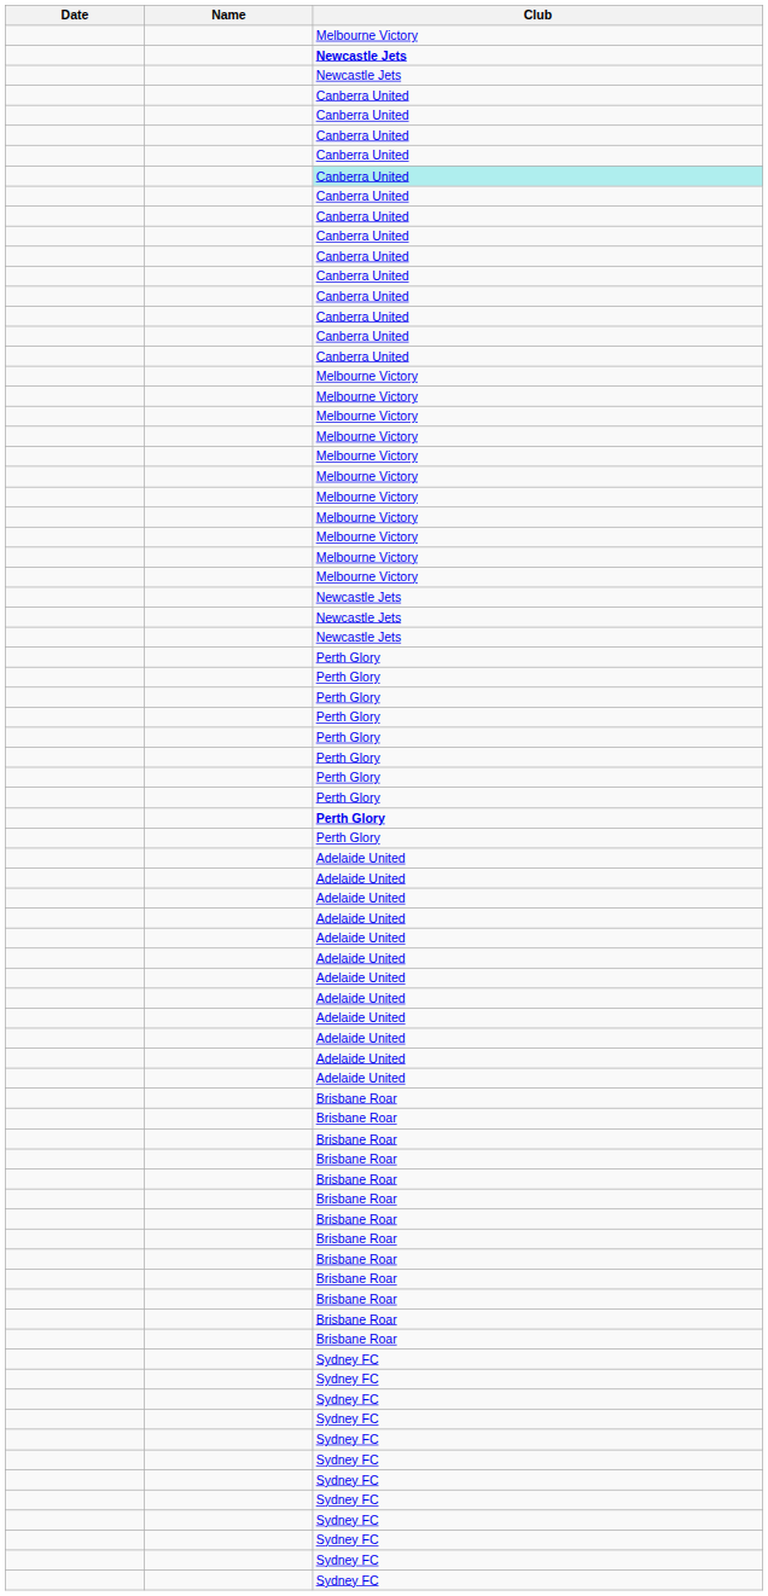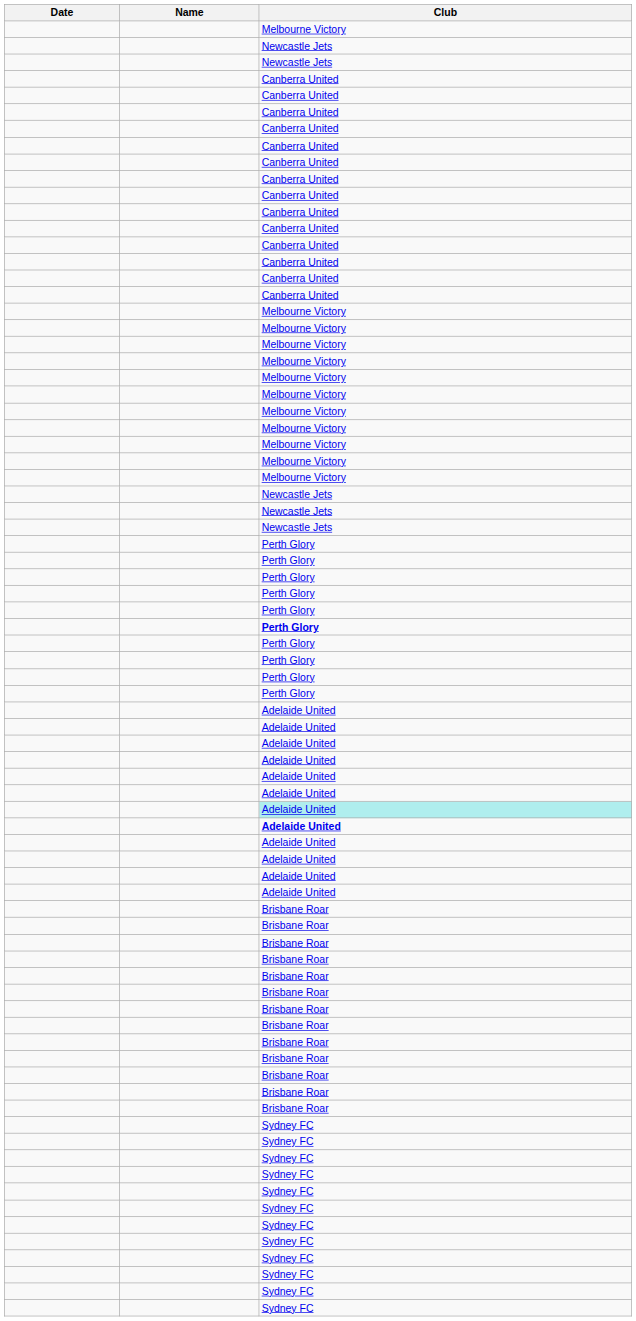 <table class="wikitable sortable" style="width:72%; font-size:95%; ">
 <tr>
 <th>Date</th>
 <th>Name</th>
 <th>Club</th>
 </tr>
 <tr>
 <td></td>
 <td></td>
 <td><a href='#'>Melbourne Victory</a></td>
 </tr>
 <tr>
 <td></td>
 <td></td>
-<td><strong><a href='#'>Newcastle Jets</a></strong></td>
+<td><a href='#'>Newcastle Jets</a></td>
 </tr>
 <tr>
 <td></td>
 <td></td>
 <td><a href='#'>Newcastle Jets</a></td>
 </tr>
 <tr>
 <td></td>
 <td></td>
 <td><a href='#'>Canberra United</a></td>
 </tr>
 <tr>
 <td></td>
 <td></td>
 <td><a href='#'>Canberra United</a></td>
 </tr>
 <tr>
 <td></td>
 <td></td>
 <td><a href='#'>Canberra United</a></td>
 </tr>
 <tr>
 <td></td>
 <td></td>
 <td><a href='#'>Canberra United</a></td>
 </tr>
 <tr>
 <td></td>
 <td></td>
-<td style="background: paleturquoise;"><a href='#'>Canberra United</a></td>
+<td><a href='#'>Canberra United</a></td>
 </tr>
 <tr>
 <td></td>
 <td></td>
 <td><a href='#'>Canberra United</a></td>
 </tr>
 <tr>
 <td></td>
 <td></td>
 <td><a href='#'>Canberra United</a></td>
 </tr>
 <tr>
 <td></td>
 <td></td>
 <td><a href='#'>Canberra United</a></td>
 </tr>
 <tr>
 <td></td>
 <td></td>
 <td><a href='#'>Canberra United</a></td>
 </tr>
 <tr>
 <td></td>
 <td></td>
 <td><a href='#'>Canberra United</a></td>
 </tr>
 <tr>
 <td></td>
 <td></td>
 <td><a href='#'>Canberra United</a></td>
 </tr>
 <tr>
 <td></td>
 <td></td>
 <td><a href='#'>Canberra United</a></td>
 </tr>
 <tr>
 <td></td>
 <td></td>
 <td><a href='#'>Canberra United</a></td>
 </tr>
 <tr>
 <td></td>
 <td></td>
 <td><a href='#'>Canberra United</a></td>
 </tr>
 <tr>
 <td></td>
 <td></td>
 <td><a href='#'>Melbourne Victory</a></td>
 </tr>
 <tr>
 <td></td>
 <td></td>
 <td><a href='#'>Melbourne Victory</a></td>
 </tr>
 <tr>
 <td></td>
 <td></td>
 <td><a href='#'>Melbourne Victory</a></td>
 </tr>
 <tr>
 <td></td>
 <td></td>
 <td><a href='#'>Melbourne Victory</a></td>
 </tr>
 <tr>
 <td></td>
 <td></td>
 <td><a href='#'>Melbourne Victory</a></td>
 </tr>
 <tr>
 <td></td>
 <td></td>
 <td><a href='#'>Melbourne Victory</a></td>
 </tr>
 <tr>
 <td></td>
 <td></td>
 <td><a href='#'>Melbourne Victory</a></td>
 </tr>
 <tr>
 <td></td>
 <td></td>
 <td><a href='#'>Melbourne Victory</a></td>
 </tr>
 <tr>
 <td></td>
 <td></td>
 <td><a href='#'>Melbourne Victory</a></td>
 </tr>
 <tr>
 <td></td>
 <td></td>
 <td><a href='#'>Melbourne Victory</a></td>
 </tr>
 <tr>
 <td></td>
 <td></td>
 <td><a href='#'>Melbourne Victory</a></td>
 </tr>
 <tr>
 <td></td>
 <td></td>
 <td><a href='#'>Newcastle Jets</a></td>
 </tr>
 <tr>
 <td></td>
 <td></td>
 <td><a href='#'>Newcastle Jets</a></td>
 </tr>
 <tr>
 <td></td>
 <td></td>
 <td><a href='#'>Newcastle Jets</a></td>
 </tr>
 <tr>
 <td></td>
 <td></td>
 <td><a href='#'>Perth Glory</a></td>
 </tr>
 <tr>
 <td></td>
 <td></td>
 <td><a href='#'>Perth Glory</a></td>
 </tr>
 <tr>
 <td></td>
 <td></td>
 <td><a href='#'>Perth Glory</a></td>
 </tr>
 <tr>
 <td></td>
 <td></td>
 <td><a href='#'>Perth Glory</a></td>
 </tr>
 <tr>
 <td></td>
 <td></td>
 <td><a href='#'>Perth Glory</a></td>
 </tr>
 <tr>
 <td></td>
 <td></td>
-<td><a href='#'>Perth Glory</a></td>
+<td><strong><a href='#'>Perth Glory</a></strong></td>
 </tr>
 <tr>
 <td></td>
 <td></td>
 <td><a href='#'>Perth Glory</a></td>
 </tr>
 <tr>
 <td></td>
 <td></td>
 <td><a href='#'>Perth Glory</a></td>
 </tr>
 <tr>
 <td></td>
 <td></td>
-<td><strong><a href='#'>Perth Glory</a></strong></td>
+<td><a href='#'>Perth Glory</a></td>
 </tr>
 <tr>
 <td></td>
 <td></td>
 <td><a href='#'>Perth Glory</a></td>
 </tr>
 <tr>
 <td></td>
 <td></td>
 <td><a href='#'>Adelaide United</a></td>
 </tr>
 <tr>
 <td></td>
 <td></td>
 <td><a href='#'>Adelaide United</a></td>
 </tr>
 <tr>
 <td></td>
 <td></td>
 <td><a href='#'>Adelaide United</a></td>
 </tr>
 <tr>
 <td></td>
 <td></td>
 <td><a href='#'>Adelaide United</a></td>
 </tr>
 <tr>
 <td></td>
 <td></td>
 <td><a href='#'>Adelaide United</a></td>
 </tr>
 <tr>
 <td></td>
 <td></td>
 <td><a href='#'>Adelaide United</a></td>
 </tr>
 <tr>
 <td></td>
 <td></td>
-<td><a href='#'>Adelaide United</a></td>
+<td style="background: paleturquoise;"><a href='#'>Adelaide United</a></td>
 </tr>
 <tr>
 <td></td>
 <td></td>
-<td><a href='#'>Adelaide United</a></td>
+<td><strong><a href='#'>Adelaide United</a></strong></td>
 </tr>
 <tr>
 <td></td>
 <td></td>
 <td><a href='#'>Adelaide United</a></td>
 </tr>
 <tr>
 <td></td>
 <td></td>
 <td><a href='#'>Adelaide United</a></td>
 </tr>
 <tr>
 <td></td>
 <td></td>
 <td><a href='#'>Adelaide United</a></td>
 </tr>
 <tr>
 <td></td>
 <td></td>
 <td><a href='#'>Adelaide United</a></td>
 </tr>
 <tr>
 <td></td>
 <td></td>
 <td><a href='#'>Brisbane Roar</a></td>
 </tr>
 <tr>
 <td></td>
 <td></td>
 <td><a href='#'>Brisbane Roar</a></td>
 </tr>
 <tr>
 <td></td>
 <td></td>
 <td><a href='#'>Brisbane Roar</a></td>
 </tr>
 <tr>
 <td></td>
 <td></td>
 <td><a href='#'>Brisbane Roar</a></td>
 </tr>
 <tr>
 <td></td>
 <td></td>
 <td><a href='#'>Brisbane Roar</a></td>
 </tr>
 <tr>
 <td></td>
 <td></td>
 <td><a href='#'>Brisbane Roar</a></td>
 </tr>
 <tr>
 <td></td>
 <td></td>
 <td><a href='#'>Brisbane Roar</a></td>
 </tr>
 <tr>
 <td></td>
 <td></td>
 <td><a href='#'>Brisbane Roar</a></td>
 </tr>
 <tr>
 <td></td>
 <td></td>
 <td><a href='#'>Brisbane Roar</a></td>
 </tr>
 <tr>
 <td></td>
 <td></td>
 <td><a href='#'>Brisbane Roar</a></td>
 </tr>
 <tr>
 <td></td>
 <td></td>
 <td><a href='#'>Brisbane Roar</a></td>
 </tr>
 <tr>
 <td></td>
 <td></td>
 <td><a href='#'>Brisbane Roar</a></td>
 </tr>
 <tr>
 <td></td>
 <td></td>
 <td><a href='#'>Brisbane Roar</a></td>
 </tr>
 <tr>
 <td></td>
 <td></td>
 <td><a href='#'>Sydney FC</a></td>
 </tr>
 <tr>
 <td></td>
 <td></td>
 <td><a href='#'>Sydney FC</a></td>
 </tr>
 <tr>
 <td></td>
 <td></td>
 <td><a href='#'>Sydney FC</a></td>
 </tr>
 <tr>
 <td></td>
 <td></td>
 <td><a href='#'>Sydney FC</a></td>
 </tr>
 <tr>
 <td></td>
 <td></td>
 <td><a href='#'>Sydney FC</a></td>
 </tr>
 <tr>
 <td></td>
 <td></td>
 <td><a href='#'>Sydney FC</a></td>
 </tr>
 <tr>
 <td></td>
 <td></td>
 <td><a href='#'>Sydney FC</a></td>
 </tr>
 <tr>
 <td></td>
 <td></td>
 <td><a href='#'>Sydney FC</a></td>
 </tr>
 <tr>
 <td></td>
 <td></td>
 <td><a href='#'>Sydney FC</a></td>
 </tr>
 <tr>
 <td></td>
 <td></td>
 <td><a href='#'>Sydney FC</a></td>
 </tr>
 <tr>
 <td></td>
 <td></td>
 <td><a href='#'>Sydney FC</a></td>
 </tr>
 <tr>
 <td></td>
 <td></td>
 <td><a href='#'>Sydney FC</a></td>
 </tr>
 </table>
